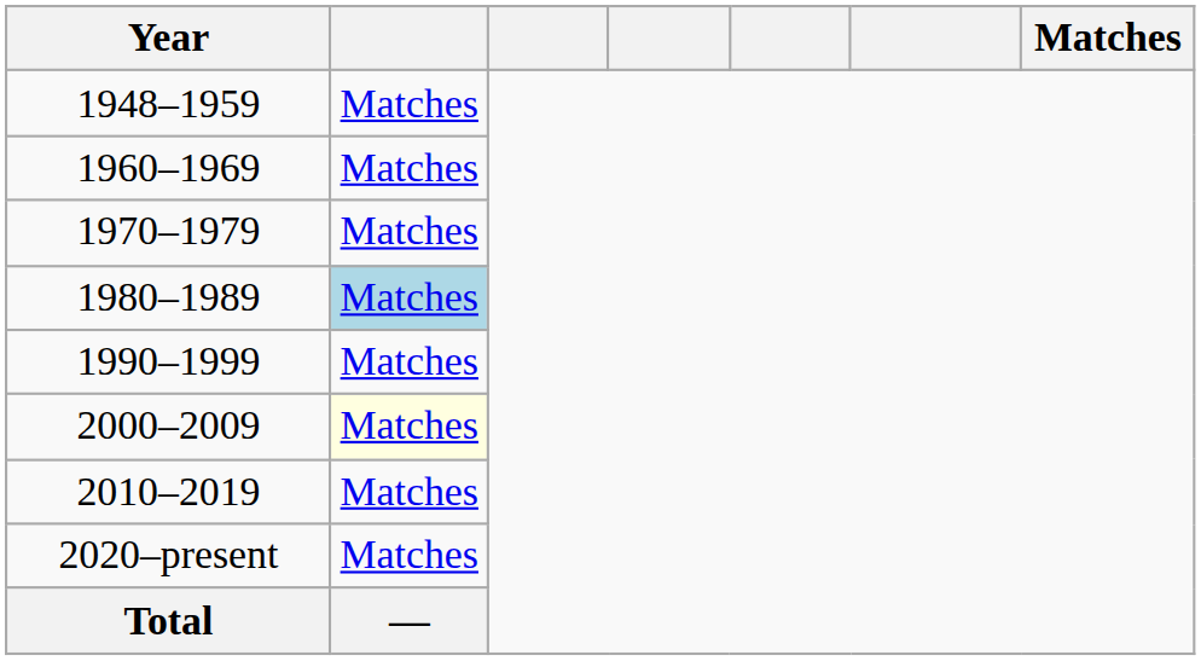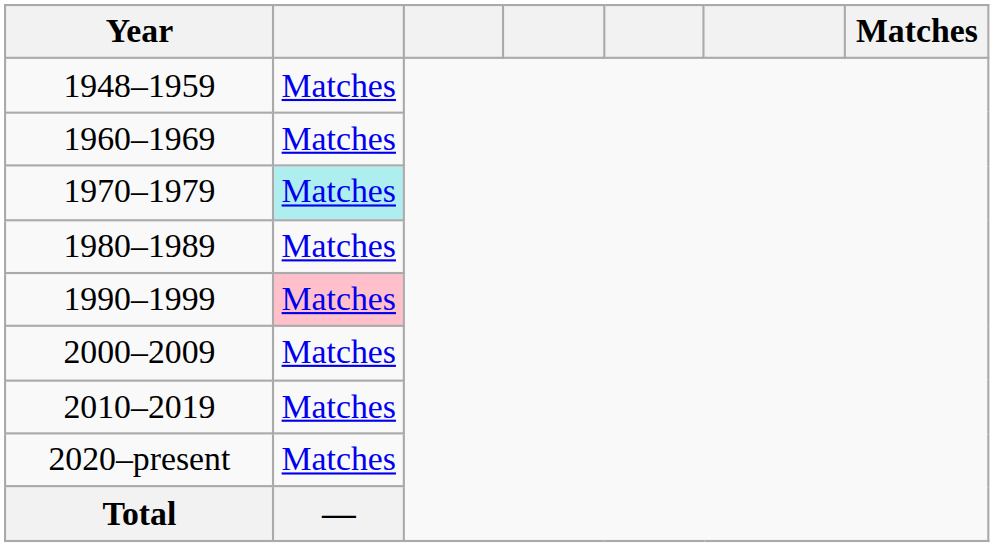 <table class="wikitable" style="text-align:center;">
 <tr>
 <th width="120">Year</th>
 <th width="40"></th>
 <th width="40"></th>
 <th width="40"></th>
 <th width="40"></th>
 <th width="60"></th>
 <th width="60">Matches</th>
 </tr>
 <tr>
 <td>1948–1959<br></td>
 <td><a href='#'>Matches</a></td>
 </tr>
 <tr>
 <td>1960–1969<br></td>
 <td><a href='#'>Matches</a></td>
 </tr>
 <tr>
 <td>1970–1979<br></td>
+<td style="background: paleturquoise;"><a href='#'>Matches</a></td>
+</tr>
+<tr>
+<td>1980–1989<br></td>
 <td><a href='#'>Matches</a></td>
 </tr>
 <tr>
-<td>1980–1989<br></td>
-<td style="background: lightblue;"><a href='#'>Matches</a></td>
-</tr>
-<tr>
 <td>1990–1999<br></td>
-<td><a href='#'>Matches</a></td>
+<td style="background: pink;"><a href='#'>Matches</a></td>
 </tr>
 <tr>
 <td>2000–2009<br></td>
-<td style="background: lightyellow;"><a href='#'>Matches</a></td>
+<td><a href='#'>Matches</a></td>
 </tr>
 <tr>
 <td>2010–2019<br></td>
 <td><a href='#'>Matches</a></td>
 </tr>
 <tr>
 <td>2020–present<br></td>
 <td><a href='#'>Matches</a></td>
 </tr>
 <tr>
 <th>Total<br></th>
 <th>—</th>
 </tr>
 </table>
